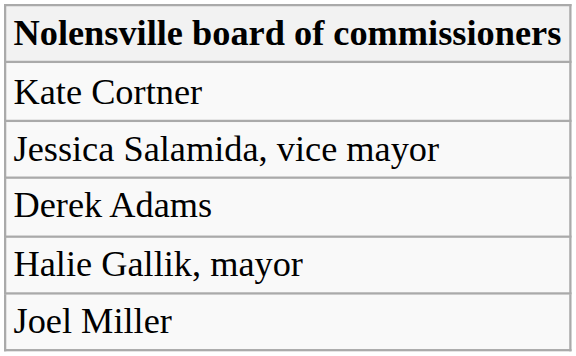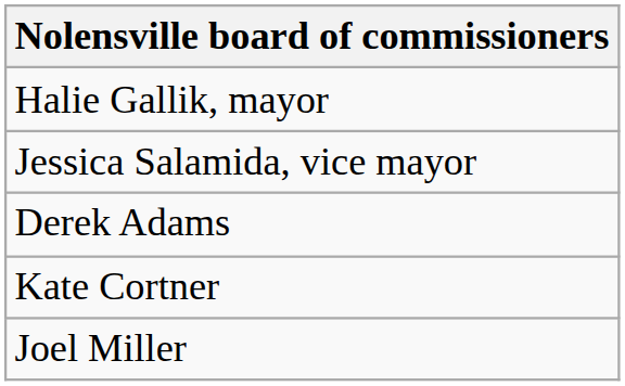 <table class="wikitable">
 <tr>
 <th>Nolensville board of commissioners</th>
 </tr>
 <tr>
-<td>Kate Cortner</td>
+<td>Halie Gallik, mayor</td>
 </tr>
 <tr>
 <td>Jessica Salamida, vice mayor</td>
 </tr>
 <tr>
 <td>Derek Adams</td>
 </tr>
 <tr>
-<td>Halie Gallik, mayor</td>
+<td>Kate Cortner</td>
 </tr>
 <tr>
 <td>Joel Miller</td>
 </tr>
 </table>
